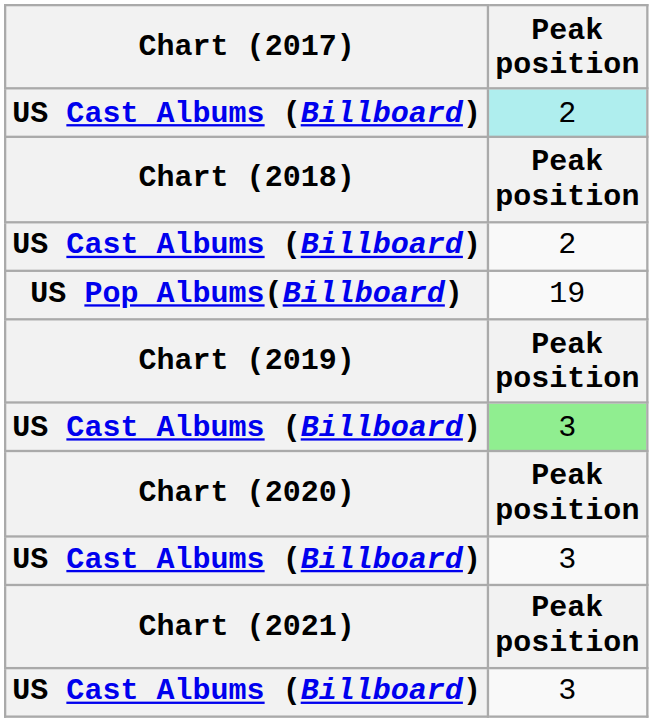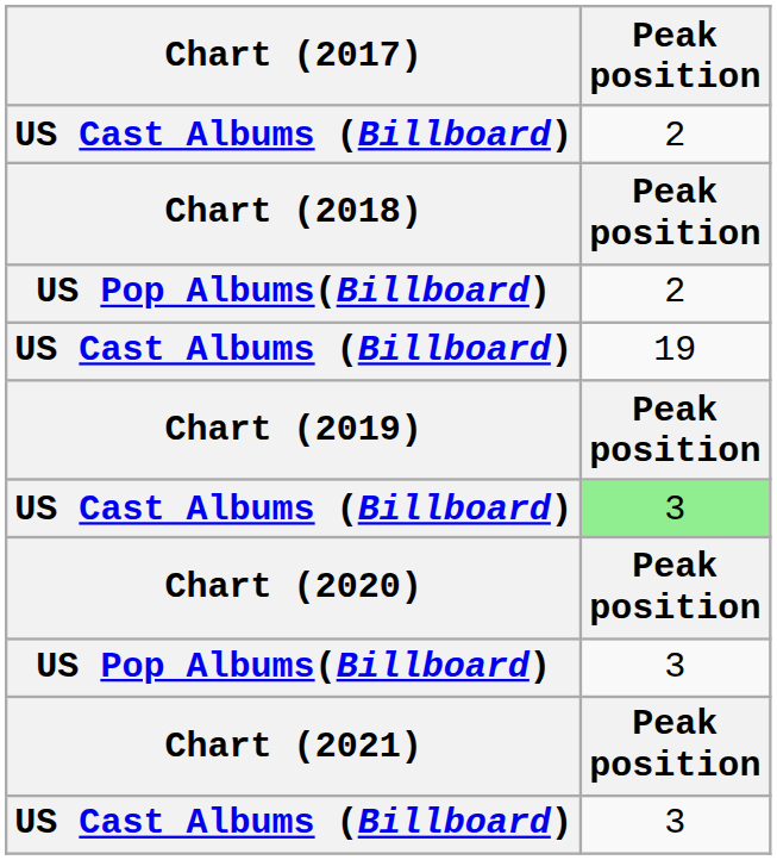 <table class="wikitable plainrowheaders" style="text-align:center">
 <tr>
 <th scope="col">Chart (2017)</th>
 <th scope="col">Peak<br>position</th>
 </tr>
 <tr>
 <th scope="row">US <a href='#'>Cast Albums</a> (<em><a href='#'>Billboard</a></em>)</th>
-<td style="background: paleturquoise;">2</td>
+<td>2</td>
 </tr>
 <tr>
 <th scope="col">Chart (2018)</th>
 <th scope="col">Peak<br>position</th>
 </tr>
 <tr>
-<th scope="row">US <a href='#'>Cast Albums</a> (<em><a href='#'>Billboard</a></em>)</th>
+<th scope="row">US <a href='#'>Pop Albums</a>(<a href='#'><em>Billboard</em></a>)</th>
 <td>2</td>
 </tr>
 <tr>
-<th scope="row">US <a href='#'>Pop Albums</a>(<a href='#'><em>Billboard</em></a>)</th>
+<th scope="row">US <a href='#'>Cast Albums</a> (<em><a href='#'>Billboard</a></em>)</th>
 <td>19</td>
 </tr>
 <tr>
 <th scope="col">Chart (2019)</th>
 <th scope="col">Peak<br>position</th>
 </tr>
 <tr>
 <th scope="row">US <a href='#'>Cast Albums</a> (<em><a href='#'>Billboard</a></em>)</th>
 <td style="background: lightgreen;">3</td>
 </tr>
 <tr>
 <th scope="col">Chart (2020)</th>
 <th scope="col">Peak<br>position</th>
 </tr>
 <tr>
-<th scope="row">US <a href='#'>Cast Albums</a> (<em><a href='#'>Billboard</a></em>)</th>
+<th scope="row">US <a href='#'>Pop Albums</a>(<a href='#'><em>Billboard</em></a>)</th>
 <td>3</td>
 </tr>
 <tr>
 <th scope="col">Chart (2021)</th>
 <th scope="col">Peak<br>position</th>
 </tr>
 <tr>
 <th scope="row">US <a href='#'>Cast Albums</a> (<em><a href='#'>Billboard</a></em>)</th>
 <td>3</td>
 </tr>
 </table>
